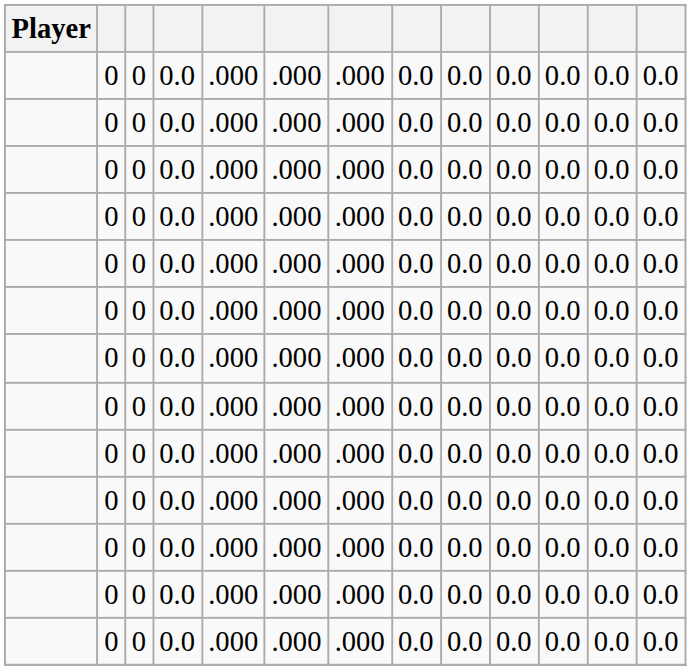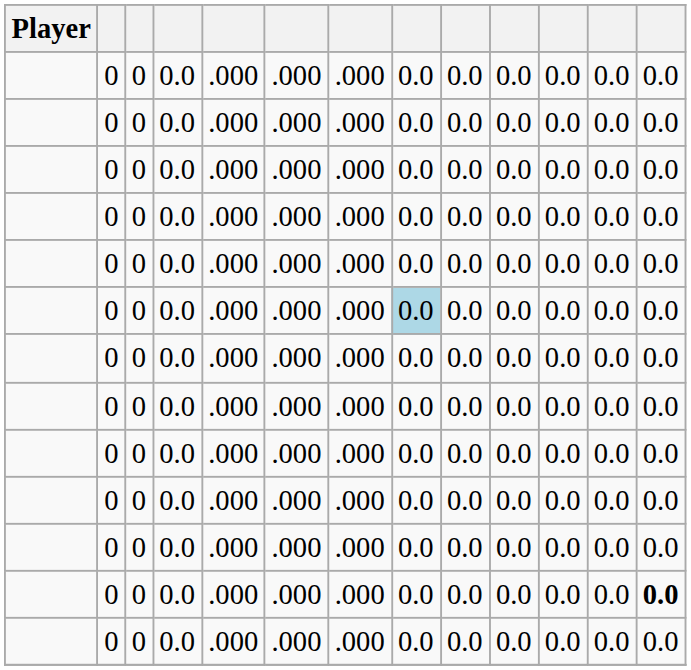 <table class="wikitable sortable" style="font-size:95%; text-align:right">
 <tr>
 <th>Player</th>
 <th></th>
 <th></th>
 <th></th>
 <th></th>
 <th></th>
 <th></th>
 <th></th>
 <th></th>
 <th></th>
 <th></th>
 <th></th>
 <th></th>
 </tr>
 <tr>
 <td><strong></strong></td>
 <td>0</td>
 <td>0</td>
 <td>0.0</td>
 <td>.000</td>
 <td>.000</td>
 <td>.000</td>
 <td>0.0</td>
 <td>0.0</td>
 <td>0.0</td>
 <td>0.0</td>
 <td>0.0</td>
 <td>0.0</td>
 </tr>
 <tr>
 <td><strong></strong></td>
 <td>0</td>
 <td>0</td>
 <td>0.0</td>
 <td>.000</td>
 <td>.000</td>
 <td>.000</td>
 <td>0.0</td>
 <td>0.0</td>
 <td>0.0</td>
 <td>0.0</td>
 <td>0.0</td>
 <td>0.0</td>
 </tr>
 <tr>
 <td><strong></strong></td>
 <td>0</td>
 <td>0</td>
 <td>0.0</td>
 <td>.000</td>
 <td>.000</td>
 <td>.000</td>
 <td>0.0</td>
 <td>0.0</td>
 <td>0.0</td>
 <td>0.0</td>
 <td>0.0</td>
 <td>0.0</td>
 </tr>
 <tr>
 <td><strong></strong></td>
 <td>0</td>
 <td>0</td>
 <td>0.0</td>
 <td>.000</td>
 <td>.000</td>
 <td>.000</td>
 <td>0.0</td>
 <td>0.0</td>
 <td>0.0</td>
 <td>0.0</td>
 <td>0.0</td>
 <td>0.0</td>
 </tr>
 <tr>
 <td><strong></strong></td>
 <td>0</td>
 <td>0</td>
 <td>0.0</td>
 <td>.000</td>
 <td>.000</td>
 <td>.000</td>
 <td>0.0</td>
 <td>0.0</td>
 <td>0.0</td>
 <td>0.0</td>
 <td>0.0</td>
 <td>0.0</td>
 </tr>
 <tr>
 <td><strong></strong></td>
 <td>0</td>
 <td>0</td>
 <td>0.0</td>
 <td>.000</td>
 <td>.000</td>
 <td>.000</td>
-<td>0.0</td>
+<td style="background: lightblue;">0.0</td>
 <td>0.0</td>
 <td>0.0</td>
 <td>0.0</td>
 <td>0.0</td>
 <td>0.0</td>
 </tr>
 <tr>
 <td><strong></strong></td>
 <td>0</td>
 <td>0</td>
 <td>0.0</td>
 <td>.000</td>
 <td>.000</td>
 <td>.000</td>
 <td>0.0</td>
 <td>0.0</td>
 <td>0.0</td>
 <td>0.0</td>
 <td>0.0</td>
 <td>0.0</td>
 </tr>
 <tr>
 <td><strong></strong></td>
 <td>0</td>
 <td>0</td>
 <td>0.0</td>
 <td>.000</td>
 <td>.000</td>
 <td>.000</td>
 <td>0.0</td>
 <td>0.0</td>
 <td>0.0</td>
 <td>0.0</td>
 <td>0.0</td>
 <td>0.0</td>
 </tr>
 <tr>
 <td><strong></strong></td>
 <td>0</td>
 <td>0</td>
 <td>0.0</td>
 <td>.000</td>
 <td>.000</td>
 <td>.000</td>
 <td>0.0</td>
 <td>0.0</td>
 <td>0.0</td>
 <td>0.0</td>
 <td>0.0</td>
 <td>0.0</td>
 </tr>
 <tr>
 <td><strong></strong></td>
 <td>0</td>
 <td>0</td>
 <td>0.0</td>
 <td>.000</td>
 <td>.000</td>
 <td>.000</td>
 <td>0.0</td>
 <td>0.0</td>
 <td>0.0</td>
 <td>0.0</td>
 <td>0.0</td>
 <td>0.0</td>
 </tr>
 <tr>
 <td><strong></strong></td>
 <td>0</td>
 <td>0</td>
 <td>0.0</td>
 <td>.000</td>
 <td>.000</td>
 <td>.000</td>
 <td>0.0</td>
 <td>0.0</td>
 <td>0.0</td>
 <td>0.0</td>
 <td>0.0</td>
 <td>0.0</td>
 </tr>
 <tr>
 <td><strong></strong></td>
 <td>0</td>
 <td>0</td>
 <td>0.0</td>
 <td>.000</td>
 <td>.000</td>
 <td>.000</td>
 <td>0.0</td>
 <td>0.0</td>
 <td>0.0</td>
 <td>0.0</td>
 <td>0.0</td>
-<td>0.0</td>
+<td><strong>0.0</strong></td>
 </tr>
 <tr>
 <td><strong></strong></td>
 <td>0</td>
 <td>0</td>
 <td>0.0</td>
 <td>.000</td>
 <td>.000</td>
 <td>.000</td>
 <td>0.0</td>
 <td>0.0</td>
 <td>0.0</td>
 <td>0.0</td>
 <td>0.0</td>
 <td>0.0</td>
 </tr>
 <tr>
 </tr>
 </table>
